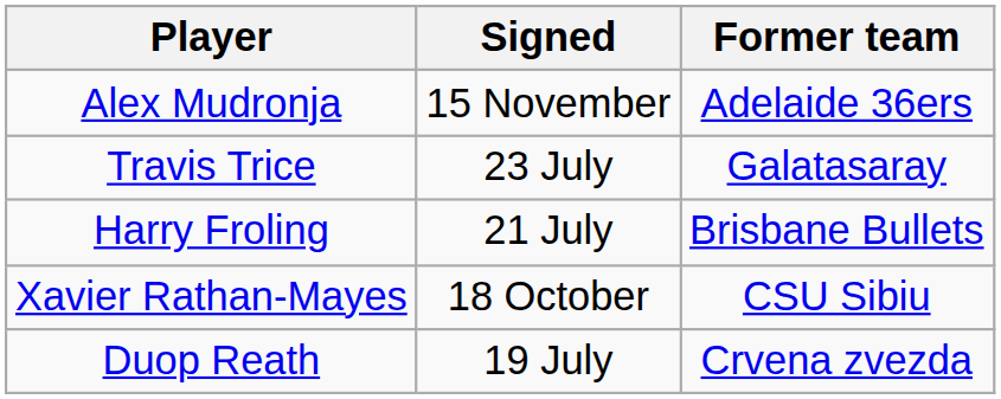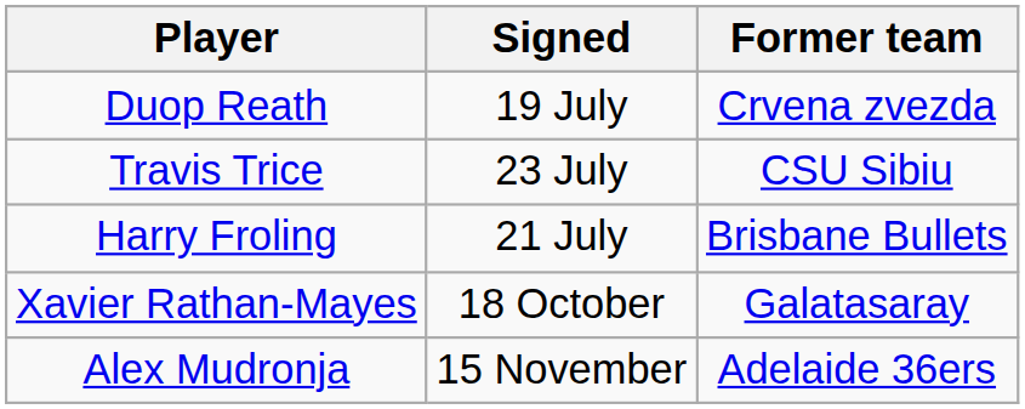 <table class="wikitable sortable sortable" style="text-align: center">
 <tr>
 <th>Player</th>
 <th>Signed</th>
 <th>Former team</th>
 </tr>
 <tr>
-<td><a href='#'>Alex Mudronja</a></td>
-<td>15 November</td>
-<td><a href='#'>Adelaide 36ers</a></td>
+<td><a href='#'>Duop Reath</a></td>
+<td>19 July</td>
+<td><a href='#'>Crvena zvezda</a></td>
 </tr>
 <tr>
 <td><a href='#'>Travis Trice</a></td>
 <td>23 July</td>
-<td><a href='#'>Galatasaray</a></td>
+<td><a href='#'>CSU Sibiu</a></td>
 </tr>
 <tr>
 <td><a href='#'>Harry Froling</a></td>
 <td>21 July</td>
 <td><a href='#'>Brisbane Bullets</a></td>
 </tr>
 <tr>
 <td><a href='#'>Xavier Rathan-Mayes</a></td>
 <td>18 October</td>
-<td><a href='#'>CSU Sibiu</a></td>
+<td><a href='#'>Galatasaray</a></td>
 </tr>
 <tr>
-<td><a href='#'>Duop Reath</a></td>
-<td>19 July</td>
-<td><a href='#'>Crvena zvezda</a></td>
+<td><a href='#'>Alex Mudronja</a></td>
+<td>15 November</td>
+<td><a href='#'>Adelaide 36ers</a></td>
 </tr>
 </table>
